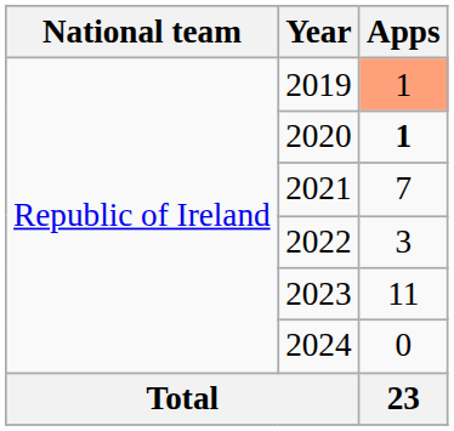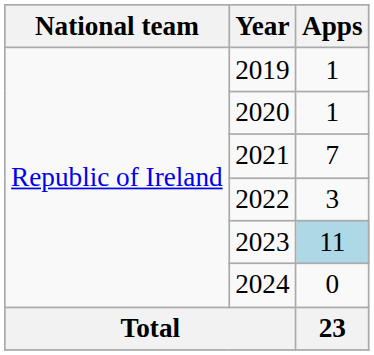 <table class="sortable wikitable" style="text-align:center">
 <tr>
 <th scope="col">National team</th>
 <th scope="col">Year</th>
 <th !scope="col">Apps</th>
 </tr>
 <tr>
 <td rowspan="6"><a href='#'>Republic of Ireland</a></td>
 <td scope="row">2019</td>
-<td style="background: lightsalmon;">1</td>
+<td>1</td>
 </tr>
 <tr>
 <td scope="row">2020</td>
-<td><strong>1</strong></td>
+<td>1</td>
 </tr>
 <tr>
 <td scope="row">2021</td>
 <td>7</td>
 </tr>
 <tr>
 <td scope="row">2022</td>
 <td>3</td>
 </tr>
 <tr>
 <td>2023</td>
-<td>11</td>
+<td style="background: lightblue;">11</td>
 </tr>
 <tr>
 <td>2024</td>
 <td>0</td>
 </tr>
 <tr>
 <th colspan="2">Total</th>
 <th>23</th>
 </tr>
 </table>
